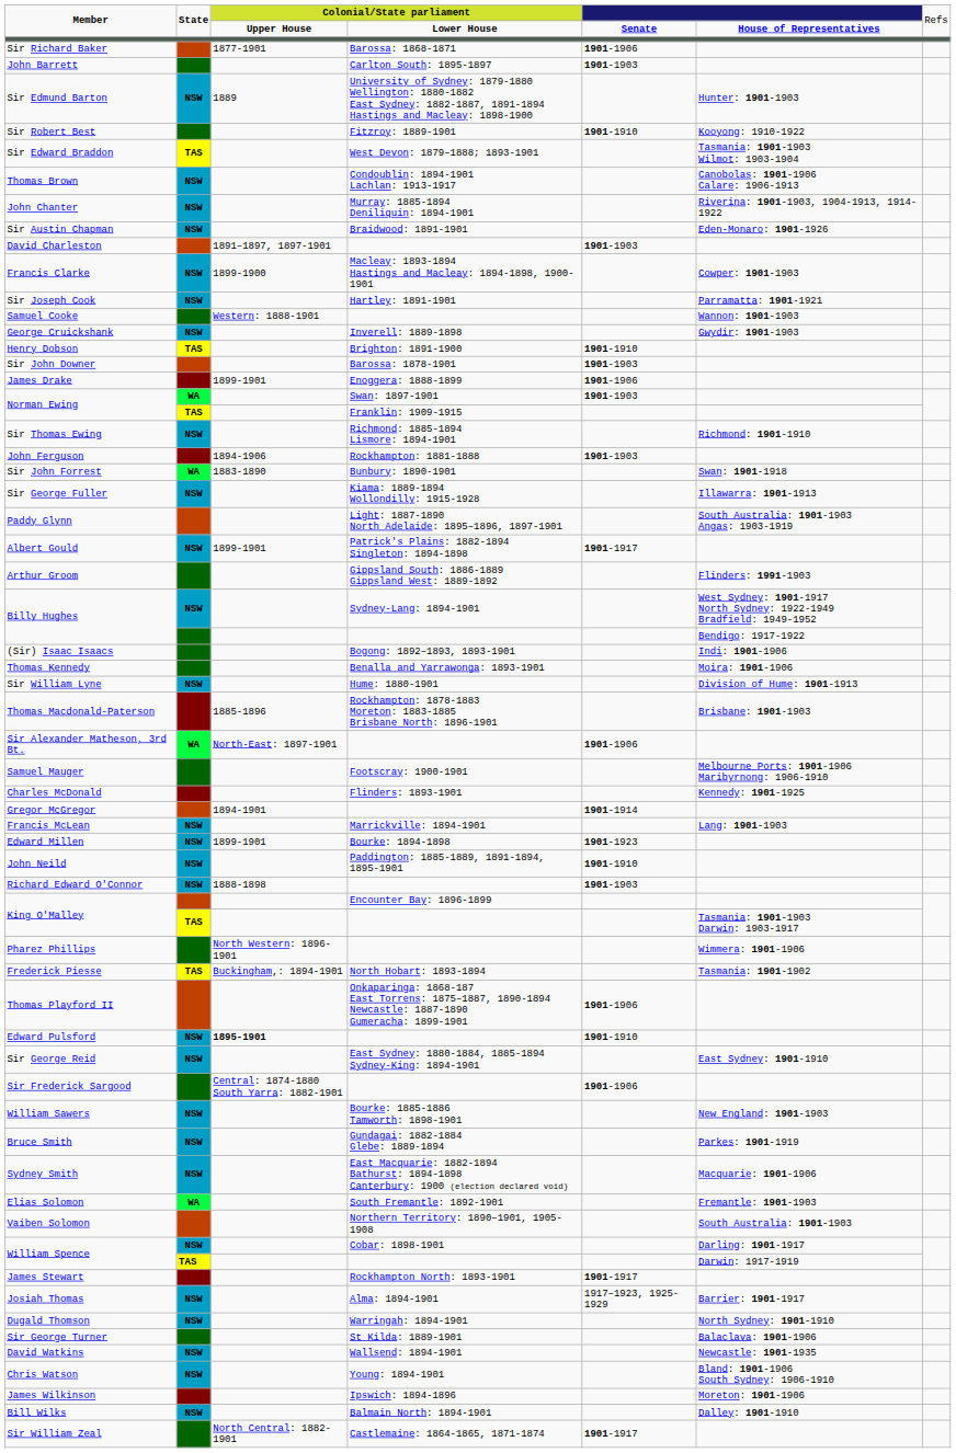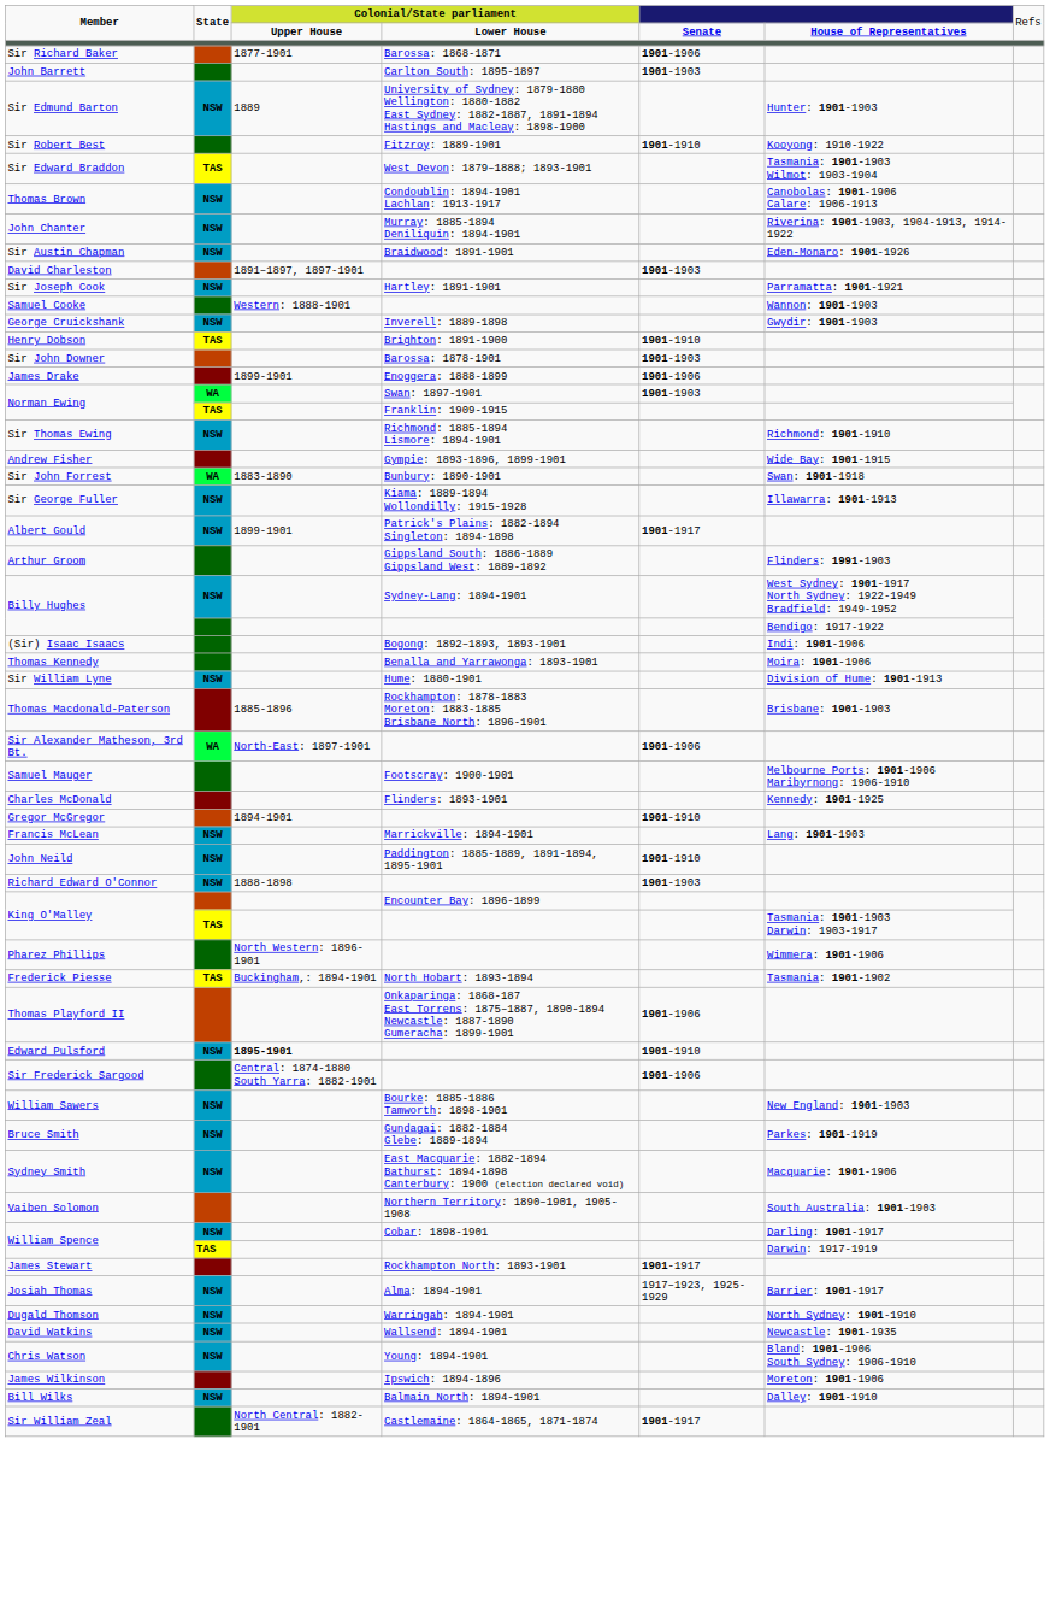 <table Class="wikitable">
 <tr>
 <td rowspan="2" align=center><strong>Member</strong></td>
 <td rowspan="2" align=center><strong>State</strong></td>
 <td style="background:#D1E231" align=center colspan="2"><strong>Colonial/State parliament</strong></td>
 <td style="background:#191970" align=center colspan="2"></td>
 <td rowspan="2">Refs</td>
 </tr>
 <tr>
 <td align=center><strong>Upper House</strong></td>
 <td align=center><strong>Lower House</strong></td>
 <td align=center><a href='#'><strong>Senate</strong></a></td>
 <td align=center><a href='#'><strong>House of Representatives</strong></a></td>
 </tr>
 <tr>
 <td style="background:#4D5D53" align=center colspan="7"></td>
 </tr>
 <tr>
 <td>Sir <a href='#'>Richard Baker</a></td>
 <td align=center style="background:#C04000"></td>
 <td>1877-1901</td>
 <td><a href='#'>Barossa</a>: 1868-1871</td>
 <td><strong>1901</strong>-1906</td>
 <td></td>
 <td></td>
 </tr>
 <tr>
 <td><a href='#'>John Barrett</a></td>
 <td align=center style="background:darkgreen"></td>
 <td></td>
 <td><a href='#'>Carlton South</a>: 1895-1897</td>
 <td><strong>1901</strong>-1903</td>
 <td></td>
 <td></td>
 </tr>
 <tr>
 <td>Sir <a href='#'>Edmund Barton</a></td>
 <td align=center style="background:#009DC4"><strong>NSW</strong></td>
 <td>1889</td>
 <td><a href='#'>University of Sydney</a>: 1879-1880<br><a href='#'>Wellington</a>: 1880-1882<br><a href='#'>East Sydney</a>: 1882-1887, 1891-1894<br><a href='#'>Hastings and Macleay</a>: 1898-1900</td>
 <td></td>
 <td><a href='#'>Hunter</a>: <strong>1901</strong>-1903</td>
 <td></td>
 </tr>
 <tr>
 <td>Sir <a href='#'>Robert Best</a></td>
 <td align=center style="background:darkgreen"></td>
 <td></td>
 <td><a href='#'>Fitzroy</a>: 1889-1901</td>
 <td><strong>1901</strong>-1910</td>
 <td><a href='#'>Kooyong</a>: 1910-1922</td>
 <td></td>
 </tr>
 <tr>
 <td>Sir <a href='#'>Edward Braddon</a></td>
 <td align=center style="background:yellow"><strong>TAS</strong></td>
 <td></td>
 <td><a href='#'>West Devon</a>: 1879–1888; 1893-1901</td>
 <td></td>
 <td><a href='#'>Tasmania</a>: <strong>1901</strong>-1903<br><a href='#'>Wilmot</a>: 1903-1904</td>
 <td></td>
 </tr>
 <tr>
 <td><a href='#'>Thomas Brown</a></td>
 <td align=center style="background:#009DC4"><strong>NSW</strong></td>
 <td></td>
 <td><a href='#'>Condoublin</a>: 1894-1901<br><a href='#'>Lachlan</a>: 1913-1917</td>
 <td></td>
 <td><a href='#'>Canobolas</a>: <strong>1901</strong>-1906<br><a href='#'>Calare</a>: 1906-1913</td>
 <td></td>
 </tr>
 <tr>
 <td><a href='#'>John Chanter</a></td>
 <td align=center style="background:#009DC4"><strong>NSW</strong></td>
 <td></td>
 <td><a href='#'>Murray</a>: 1885-1894<br><a href='#'>Deniliquin</a>: 1894-1901</td>
 <td></td>
 <td><a href='#'>Riverina</a>: <strong>1901</strong>-1903, 1904-1913, 1914-1922</td>
 <td></td>
 </tr>
 <tr>
 <td>Sir <a href='#'>Austin Chapman</a></td>
 <td align=center style="background:#009DC4"><strong>NSW</strong></td>
 <td></td>
 <td><a href='#'>Braidwood</a>: 1891-1901</td>
 <td></td>
 <td><a href='#'>Eden-Monaro</a>: <strong>1901</strong>-1926</td>
 <td></td>
 </tr>
 <tr>
 <td><a href='#'>David Charleston</a></td>
 <td align=center style="background:#C04000"></td>
 <td>1891–1897, 1897-1901</td>
 <td></td>
 <td><strong>1901</strong>-1903</td>
 <td></td>
 <td></td>
 </tr>
 <tr>
-<td><a href='#'>Francis Clarke</a></td>
-<td align=center style="background:#009DC4"><strong>NSW</strong></td>
-<td>1899-1900</td>
-<td><a href='#'>Macleay</a>: 1893-1894<br><a href='#'>Hastings and Macleay</a>: 1894-1898, 1900-1901</td>
-<td></td>
-<td><a href='#'>Cowper</a>: <strong>1901</strong>-1903</td>
-<td></td>
-</tr>
-<tr>
 <td>Sir <a href='#'>Joseph Cook</a></td>
 <td align=center style="background:#009DC4"><strong>NSW</strong></td>
 <td></td>
 <td><a href='#'>Hartley</a>: 1891-1901</td>
 <td></td>
 <td><a href='#'>Parramatta</a>: <strong>1901</strong>-1921</td>
 <td></td>
 </tr>
 <tr>
 <td><a href='#'>Samuel Cooke</a></td>
 <td align=center style="background:darkgreen"></td>
 <td><a href='#'>Western</a>: 1888-1901</td>
 <td></td>
 <td></td>
 <td><a href='#'>Wannon</a>: <strong>1901</strong>-1903</td>
 <td></td>
 </tr>
 <tr>
 <td><a href='#'>George Cruickshank</a></td>
 <td align=center style="background:#009DC4"><strong>NSW</strong></td>
 <td></td>
 <td><a href='#'>Inverell</a>: 1889-1898</td>
 <td></td>
 <td><a href='#'>Gwydir</a>: <strong>1901</strong>-1903</td>
 <td></td>
 </tr>
 <tr>
 <td><a href='#'>Henry Dobson</a></td>
 <td align=center style="background:yellow"><strong>TAS</strong></td>
 <td></td>
 <td><a href='#'>Brighton</a>: 1891-1900</td>
 <td><strong>1901</strong>-1910</td>
 <td></td>
 <td></td>
 </tr>
 <tr>
 <td>Sir <a href='#'>John Downer</a></td>
 <td align=center style="background:#C04000"></td>
 <td></td>
 <td><a href='#'>Barossa</a>: 1878-1901</td>
 <td><strong>1901</strong>-1903</td>
 <td></td>
 <td></td>
 </tr>
 <tr>
 <td><a href='#'>James Drake</a></td>
 <td align=center style="background:maroon"></td>
 <td>1899-1901</td>
 <td><a href='#'>Enoggera</a>: 1888-1899</td>
 <td><strong>1901</strong>-1906</td>
 <td></td>
 <td></td>
 </tr>
 <tr>
 <td rowspan="2"><a href='#'>Norman Ewing</a></td>
 <td align=center style="background:#00FF40"><strong>WA</strong></td>
 <td></td>
 <td><a href='#'>Swan</a>: 1897-1901</td>
 <td><strong>1901</strong>-1903</td>
 <td></td>
 <td rowspan="2"></td>
 </tr>
 <tr>
 <td align=center style="background:yellow"><strong>TAS</strong></td>
 <td></td>
 <td><a href='#'>Franklin</a>: 1909-1915</td>
 <td></td>
 </tr>
 <tr>
 <td>Sir <a href='#'>Thomas Ewing</a></td>
 <td align=center style="background:#009DC4"><strong>NSW</strong></td>
 <td></td>
 <td><a href='#'>Richmond</a>: 1885-1894<br><a href='#'>Lismore</a>: 1894-1901</td>
 <td></td>
 <td><a href='#'>Richmond</a>: <strong>1901</strong>-1910</td>
 <td></td>
 </tr>
 <tr>
-<td><a href='#'>John Ferguson</a></td>
+<td><a href='#'>Andrew Fisher</a></td>
 <td align=center style="background:maroon"></td>
-<td>1894-1906</td>
-<td><a href='#'>Rockhampton</a>: 1881-1888</td>
-<td><strong>1901</strong>-1903</td>
 <td></td>
+<td><a href='#'>Gympie</a>: 1893-1896, 1899-1901</td>
+<td></td>
+<td><a href='#'>Wide Bay</a>: <strong>1901</strong>-1915</td>
 <td></td>
 </tr>
 <tr>
 <td>Sir <a href='#'>John Forrest</a></td>
 <td align=center style="background:#00FF40"><strong>WA</strong></td>
 <td>1883-1890</td>
 <td><a href='#'>Bunbury</a>: 1890-1901</td>
 <td></td>
 <td><a href='#'>Swan</a>: <strong>1901</strong>-1918</td>
 <td></td>
 </tr>
 <tr>
 <td>Sir <a href='#'>George Fuller</a></td>
 <td align=center style="background:#009DC4"><strong>NSW</strong></td>
 <td></td>
 <td><a href='#'>Kiama</a>: 1889-1894<br><a href='#'>Wollondilly</a>: 1915-1928</td>
 <td></td>
 <td><a href='#'>Illawarra</a>: <strong>1901</strong>-1913</td>
-<td></td>
-</tr>
-<tr>
-<td><a href='#'>Paddy Glynn</a></td>
-<td align=center style="background:#C04000"></td>
-<td></td>
-<td><a href='#'>Light</a>: 1887-1890<br><a href='#'>North Adelaide</a>: 1895–1896, 1897-1901</td>
-<td></td>
-<td><a href='#'>South Australia</a>: <strong>1901</strong>-1903<br><a href='#'>Angas</a>: 1903-1919</td>
 <td></td>
 </tr>
 <tr>
 <td><a href='#'>Albert Gould</a></td>
 <td align=center style="background:#009DC4"><strong>NSW</strong></td>
 <td>1899-1901</td>
 <td><a href='#'>Patrick's Plains</a>: 1882-1894<br><a href='#'>Singleton</a>: 1894-1898</td>
 <td><strong>1901</strong>-1917</td>
 <td></td>
 <td></td>
 </tr>
 <tr>
 <td><a href='#'>Arthur Groom</a></td>
 <td align=center style="background:darkgreen"></td>
 <td></td>
 <td><a href='#'>Gippsland South</a>: 1886-1889<br><a href='#'>Gippsland West</a>: 1889-1892</td>
 <td></td>
 <td><a href='#'>Flinders</a>: <strong>1991</strong>-1903</td>
 <td></td>
 </tr>
 <tr>
 <td rowspan="2"><a href='#'>Billy Hughes</a></td>
 <td align=center style="background:#009DC4"><strong>NSW</strong></td>
 <td></td>
 <td><a href='#'>Sydney-Lang</a>: 1894-1901</td>
 <td></td>
 <td><a href='#'>West Sydney</a>: <strong>1901</strong>-1917<br><a href='#'>North Sydney</a>: 1922-1949<br><a href='#'>Bradfield</a>: 1949-1952</td>
 <td rowspan="2"></td>
 </tr>
 <tr>
 <td align=center style="background:darkgreen"></td>
 <td></td>
 <td></td>
 <td></td>
 <td><a href='#'>Bendigo</a>: 1917-1922</td>
 </tr>
 <tr>
 <td>(Sir) <a href='#'>Isaac Isaacs</a></td>
 <td style="background:darkgreen" align="center"></td>
 <td></td>
 <td><a href='#'>Bogong</a>: 1892–1893, 1893-1901</td>
 <td></td>
 <td><a href='#'>Indi</a>: <strong>1901</strong>-1906</td>
 <td></td>
 </tr>
 <tr>
 <td><a href='#'>Thomas Kennedy</a></td>
 <td align=center style="background:darkgreen"></td>
 <td></td>
 <td><a href='#'>Benalla and Yarrawonga</a>: 1893-1901</td>
 <td></td>
 <td><a href='#'>Moira</a>: <strong>1901</strong>-1906</td>
 <td></td>
 </tr>
 <tr>
 <td>Sir <a href='#'>William Lyne</a></td>
 <td align=center style="background:#009DC4"><strong>NSW</strong></td>
 <td></td>
 <td><a href='#'>Hume</a>: 1880-1901</td>
 <td></td>
 <td><a href='#'>Division of Hume</a>: <strong>1901</strong>-1913</td>
 <td></td>
 </tr>
 <tr>
 <td><a href='#'>Thomas Macdonald-Paterson</a></td>
 <td align=center style="background:maroon"></td>
 <td>1885-1896</td>
 <td><a href='#'>Rockhampton</a>: 1878-1883<br><a href='#'>Moreton</a>: 1883-1885<br><a href='#'>Brisbane North</a>: 1896-1901</td>
 <td></td>
 <td><a href='#'>Brisbane</a>: <strong>1901</strong>-1903</td>
 <td></td>
 </tr>
 <tr>
 <td><a href='#'>Sir Alexander Matheson, 3rd Bt.</a></td>
 <td align=center style="background:#00FF40"><strong>WA</strong></td>
 <td><a href='#'>North-East</a>: 1897-1901</td>
 <td></td>
 <td><strong>1901</strong>-1906</td>
 <td></td>
 <td></td>
 </tr>
 <tr>
 <td><a href='#'>Samuel Mauger</a></td>
 <td align=center style="background:darkgreen"></td>
 <td></td>
 <td><a href='#'>Footscray</a>: 1900-1901</td>
 <td></td>
 <td><a href='#'>Melbourne Ports</a>: <strong>1901</strong>-1906<br><a href='#'>Maribyrnong</a>: 1906-1910</td>
 <td></td>
 </tr>
 <tr>
 <td><a href='#'>Charles McDonald</a></td>
 <td align=center style="background:maroon"></td>
 <td></td>
 <td><a href='#'>Flinders</a>: 1893-1901</td>
 <td></td>
 <td><a href='#'>Kennedy</a>: <strong>1901</strong>-1925</td>
 <td></td>
 </tr>
 <tr>
 <td><a href='#'>Gregor McGregor</a></td>
 <td align=center style="background:#C04000"></td>
 <td>1894-1901</td>
 <td></td>
-<td><strong>1901</strong>-1914</td>
+<td><strong>1901</strong>-1910</td>
 <td></td>
 <td></td>
 </tr>
 <tr>
 <td><a href='#'>Francis McLean</a></td>
 <td align=center style="background:#009DC4"><strong>NSW</strong></td>
 <td></td>
 <td><a href='#'>Marrickville</a>: 1894-1901</td>
 <td></td>
 <td><a href='#'>Lang</a>: <strong>1901</strong>-1903</td>
-<td></td>
-</tr>
-<tr>
-<td><a href='#'>Edward Millen</a></td>
-<td align=center style="background:#009DC4"><strong>NSW</strong></td>
-<td>1899-1901</td>
-<td><a href='#'>Bourke</a>: 1894-1898</td>
-<td><strong>1901</strong>-1923</td>
-<td></td>
 <td></td>
 </tr>
 <tr>
 <td><a href='#'>John Neild</a></td>
 <td align=center style="background:#009DC4"><strong>NSW</strong></td>
 <td></td>
 <td><a href='#'>Paddington</a>: 1885-1889, 1891-1894, 1895-1901</td>
 <td><strong>1901</strong>-1910</td>
 <td></td>
 <td></td>
 </tr>
 <tr>
 <td><a href='#'>Richard Edward O'Connor</a></td>
 <td align=center style="background:#009DC4"><strong>NSW</strong></td>
 <td>1888-1898</td>
 <td></td>
 <td><strong>1901</strong>-1903</td>
 <td></td>
 <td></td>
 </tr>
 <tr>
 <td rowspan="2"><a href='#'>King O'Malley</a></td>
 <td align=center style="background:#C04000"></td>
 <td></td>
 <td><a href='#'>Encounter Bay</a>: 1896-1899</td>
 <td></td>
 <td></td>
 <td rowspan="2"></td>
 </tr>
 <tr>
 <td align=center style="background:yellow"><strong>TAS</strong></td>
 <td></td>
 <td></td>
 <td></td>
 <td><a href='#'>Tasmania</a>: <strong>1901</strong>-1903<br><a href='#'>Darwin</a>: 1903-1917</td>
 </tr>
 <tr>
 <td><a href='#'>Pharez Phillips</a></td>
 <td align=center style="background:darkgreen"></td>
 <td><a href='#'>North Western</a>: 1896-1901</td>
 <td></td>
 <td></td>
 <td><a href='#'>Wimmera</a>: <strong>1901</strong>-1906</td>
 <td></td>
 </tr>
 <tr>
 <td><a href='#'>Frederick Piesse</a></td>
 <td align=center style="background:yellow"><strong>TAS</strong></td>
 <td><a href='#'>Buckingham</a>,: 1894-1901</td>
 <td><a href='#'>North Hobart</a>: 1893-1894</td>
 <td></td>
 <td><a href='#'>Tasmania</a>: <strong>1901</strong>-1902</td>
 <td></td>
 </tr>
 <tr>
 <td><a href='#'>Thomas Playford II</a></td>
 <td align=center style="background:#C04000"></td>
 <td></td>
 <td><a href='#'>Onkaparinga</a>: 1868-187<br><a href='#'>East Torrens</a>: 1875–1887, 1890-1894<br><a href='#'>Newcastle</a>: 1887-1890<br><a href='#'>Gumeracha</a>: 1899-1901</td>
 <td><strong>1901</strong>-1906</td>
 <td></td>
 <td></td>
 </tr>
 <tr>
 <td><a href='#'>Edward Pulsford</a></td>
 <td align=center style="background:#009DC4"><strong>NSW</strong></td>
 <td><strong>1895-1901</strong></td>
 <td></td>
 <td><strong>1901</strong>-1910</td>
 <td></td>
 <td></td>
 </tr>
 <tr>
-<td>Sir <a href='#'>George Reid</a></td>
-<td align=center style="background:#009DC4"><strong>NSW</strong></td>
-<td></td>
-<td><a href='#'>East Sydney</a>: 1880-1884, 1885-1894<br><a href='#'>Sydney-King</a>: 1894-1901</td>
-<td></td>
-<td><a href='#'>East Sydney</a>: <strong>1901</strong>-1910</td>
-<td></td>
-</tr>
-<tr>
 <td><a href='#'>Sir Frederick Sargood</a></td>
 <td align=center style="background:darkgreen"></td>
 <td><a href='#'>Central</a>: 1874-1880<br><a href='#'>South Yarra</a>: 1882-1901</td>
 <td></td>
 <td><strong>1901</strong>-1906</td>
 <td></td>
 <td></td>
 </tr>
 <tr>
 <td><a href='#'>William Sawers</a></td>
 <td align=center style="background:#009DC4"><strong>NSW</strong></td>
 <td></td>
 <td><a href='#'>Bourke</a>: 1885-1886<br> <a href='#'>Tamworth</a>: 1898-1901</td>
 <td></td>
 <td><a href='#'>New England</a>: <strong>1901</strong>-1903</td>
 <td></td>
 </tr>
 <tr>
 <td><a href='#'>Bruce Smith</a></td>
 <td align=center style="background:#009DC4"><strong>NSW</strong></td>
 <td></td>
 <td><a href='#'>Gundagai</a>: 1882-1884<br><a href='#'>Glebe</a>: 1889-1894</td>
 <td></td>
 <td><a href='#'>Parkes</a>: <strong>1901</strong>-1919</td>
 <td></td>
 </tr>
 <tr>
 <td><a href='#'>Sydney Smith</a></td>
 <td align=center style="background:#009DC4"><strong>NSW</strong></td>
 <td></td>
 <td><a href='#'>East Macquarie</a>: 1882-1894<br><a href='#'>Bathurst</a>: 1894-1898<br><a href='#'>Canterbury</a>: 1900 <small>(election declared void)</small></td>
 <td></td>
 <td><a href='#'>Macquarie</a>: <strong>1901</strong>-1906</td>
-<td></td>
-</tr>
-<tr>
-<td><a href='#'>Elias Solomon</a></td>
-<td align=center style="background:#00FF40"><strong>WA</strong></td>
-<td></td>
-<td><a href='#'>South Fremantle</a>: 1892-1901</td>
-<td></td>
-<td><a href='#'>Fremantle</a>: <strong>1901</strong>-1903</td>
 <td></td>
 </tr>
 <tr>
 <td><a href='#'>Vaiben Solomon</a></td>
 <td align=center style="background:#C04000"></td>
 <td></td>
 <td><a href='#'>Northern Territory</a>: 1890–1901, 1905-1908 </td>
 <td></td>
 <td><a href='#'>South Australia</a>: <strong>1901</strong>-1903</td>
 <td></td>
 </tr>
 <tr>
 <td rowspan="2"><a href='#'>William Spence</a></td>
 <td align=center style="background:#009DC4"><strong>NSW</strong></td>
 <td></td>
 <td><a href='#'>Cobar</a>: 1898-1901</td>
 <td></td>
 <td><a href='#'>Darling</a>: <strong>1901</strong>-1917</td>
 <td rowspan="2"></td>
 </tr>
 <tr>
 <td style="background:yellow"><strong>TAS</strong></td>
 <td></td>
 <td></td>
 <td></td>
 <td><a href='#'>Darwin</a>: 1917-1919</td>
 </tr>
 <tr>
 <td><a href='#'>James Stewart</a></td>
 <td align=center style="background:maroon"></td>
 <td></td>
 <td><a href='#'>Rockhampton North</a>: 1893-1901</td>
 <td><strong>1901</strong>-1917</td>
 <td></td>
 <td></td>
 </tr>
 <tr>
 <td><a href='#'>Josiah Thomas</a></td>
 <td style="background:#009DC4" align="center"><strong>NSW</strong></td>
 <td></td>
 <td><a href='#'>Alma</a>: 1894-1901</td>
 <td>1917–1923, 1925-1929</td>
 <td><a href='#'>Barrier</a>: <strong>1901</strong>-1917</td>
 <td></td>
 </tr>
 <tr>
 <td><a href='#'>Dugald Thomson</a></td>
 <td align=center style="background:#009DC4"><strong>NSW</strong></td>
 <td></td>
 <td><a href='#'>Warringah</a>: 1894-1901</td>
 <td></td>
 <td><a href='#'>North Sydney</a>: <strong>1901</strong>-1910</td>
 <td></td>
 </tr>
 <tr>
-<td><a href='#'>Sir George Turner</a></td>
-<td style="background:darkgreen" align="center"></td>
-<td></td>
-<td><a href='#'>St Kilda</a>: 1889-1901</td>
-<td></td>
-<td><a href='#'>Balaclava</a>: <strong>1901</strong>-1906</td>
-<td></td>
-</tr>
-<tr>
 <td><a href='#'>David Watkins</a></td>
 <td align=center style="background:#009DC4"><strong>NSW</strong></td>
 <td></td>
 <td><a href='#'>Wallsend</a>: 1894-1901</td>
 <td></td>
 <td><a href='#'>Newcastle</a>: <strong>1901</strong>-1935</td>
 <td></td>
 </tr>
 <tr>
 <td><a href='#'>Chris Watson</a></td>
 <td align=center style="background:#009DC4"><strong>NSW</strong></td>
 <td></td>
 <td><a href='#'>Young</a>: 1894-1901</td>
 <td></td>
 <td><a href='#'>Bland</a>: <strong>1901</strong>-1906<br><a href='#'>South Sydney</a>: 1906-1910</td>
 <td></td>
 </tr>
 <tr>
 <td><a href='#'>James Wilkinson</a></td>
 <td align=center style="background:maroon"></td>
 <td></td>
 <td><a href='#'>Ipswich</a>: 1894-1896</td>
 <td></td>
 <td><a href='#'>Moreton</a>: <strong>1901</strong>-1906</td>
 <td></td>
 </tr>
 <tr>
 <td><a href='#'>Bill Wilks</a></td>
 <td align=center style="background:#009DC4"><strong>NSW</strong></td>
 <td></td>
 <td><a href='#'>Balmain North</a>: 1894-1901</td>
 <td></td>
 <td><a href='#'>Dalley</a>: <strong>1901</strong>-1910</td>
 <td></td>
 </tr>
 <tr>
 <td><a href='#'>Sir William Zeal</a></td>
 <td align=center style="background:darkgreen"></td>
 <td><a href='#'>North Central</a>: 1882-1901</td>
 <td><a href='#'>Castlemaine</a>: 1864-1865, 1871-1874</td>
 <td><strong>1901</strong>-1917</td>
 <td></td>
 <td></td>
 </tr>
 </table>
